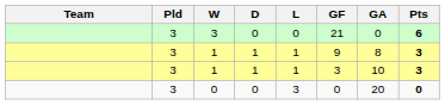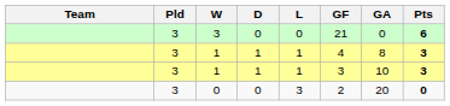 <table class="wikitable" style="text-align:center">
 <tr>
 <th style="width:12em">Team</th>
 <th style="width:3em">Pld</th>
 <th style="width:3em">W</th>
 <th style="width:3em">D</th>
 <th style="width:3em">L</th>
 <th style="width:3em">GF</th>
 <th style="width:3em">GA</th>
 <th style="width:3em">Pts</th>
 </tr>
 <tr style="background:#ccffcc;">
 <td align=left></td>
 <td>3</td>
 <td>3</td>
 <td>0</td>
 <td>0</td>
 <td>21</td>
 <td>0</td>
 <td><strong>6</strong></td>
 </tr>
 <tr style="background:#ffff99;">
 <td align=left></td>
 <td>3</td>
 <td>1</td>
 <td>1</td>
 <td>1</td>
-<td>9</td>
+<td>4</td>
 <td>8</td>
 <td><strong>3</strong></td>
 </tr>
 <tr style="background:#ffff99;">
 <td align=left></td>
 <td>3</td>
 <td>1</td>
 <td>1</td>
 <td>1</td>
 <td>3</td>
 <td>10</td>
 <td><strong>3</strong></td>
 </tr>
 <tr>
 <td align=left></td>
 <td>3</td>
 <td>0</td>
 <td>0</td>
 <td>3</td>
-<td>0</td>
+<td>2</td>
 <td>20</td>
 <td><strong>0</strong></td>
 </tr>
 </table>
